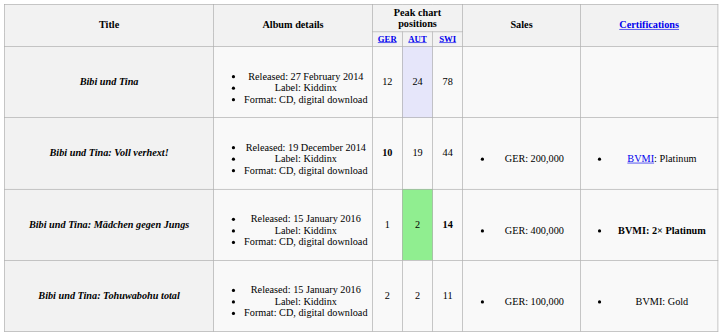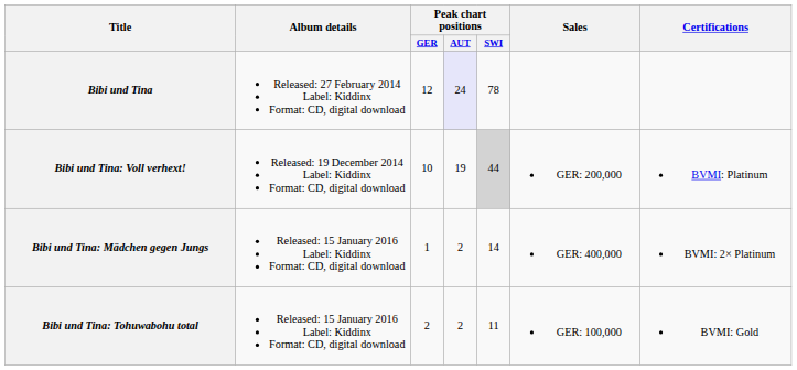 <table class="wikitable plainrowheaders" style="text-align:center;">
 <tr>
 <th scope="col" rowspan="2" style="width: 20em;">Title</th>
 <th scope="col" rowspan="2" style="width: 15em;">Album details</th>
 <th scope="col" colspan="3">Peak chart positions</th>
 <th scope="col" rowspan="2" style="width: 11em;">Sales</th>
 <th scope="col" rowspan="2" style="width: 13em;"><a href='#'>Certifications</a></th>
 </tr>
 <tr>
 <th style="width:3em;font-size:85%"><a href='#'>GER</a><br></th>
 <th style="width:3em;font-size:85%"><a href='#'>AUT</a><br></th>
 <th style="width:3em;font-size:85%"><a href='#'>SWI</a><br></th>
 </tr>
 <tr>
 <th scope="row"><em>Bibi und Tina</em></th>
 <td><br><ul><li>Released: 27 February 2014</li><li>Label: Kiddinx</li><li>Format: CD, digital download</li></ul></td>
 <td>12</td>
 <td style="background: lavender;">24</td>
 <td>78</td>
 <td></td>
 <td></td>
 </tr>
 <tr>
 <th scope="row"><em>Bibi und Tina: Voll verhext!</em></th>
 <td><br><ul><li>Released: 19 December 2014</li><li>Label: Kiddinx</li><li>Format: CD, digital download</li></ul></td>
-<td><strong>10</strong></td>
+<td>10</td>
 <td>19</td>
-<td>44</td>
+<td style="background: lightgrey;">44</td>
 <td><br><ul><li>GER: 200,000</li></ul></td>
 <td><br><ul><li><a href='#'>BVMI</a>: Platinum</li></ul></td>
 </tr>
 <tr>
 <th scope="row"><em>Bibi und Tina: Mädchen gegen Jungs</em></th>
 <td><br><ul><li>Released: 15 January 2016</li><li>Label: Kiddinx</li><li>Format: CD, digital download</li></ul></td>
 <td>1</td>
-<td style="background: lightgreen;">2</td>
-<td><strong>14</strong></td>
+<td>2</td>
+<td>14</td>
 <td><br><ul><li>GER: 400,000</li></ul></td>
-<td><strong><br><ul><li>BVMI: 2× Platinum</li></ul></strong></td>
+<td><br><ul><li>BVMI: 2× Platinum</li></ul></td>
 </tr>
 <tr>
 <th scope="row"><em>Bibi und Tina: Tohuwabohu total</em></th>
 <td><br><ul><li>Released: 15 January 2016</li><li>Label: Kiddinx</li><li>Format: CD, digital download</li></ul></td>
 <td>2</td>
 <td>2</td>
 <td>11</td>
 <td><br><ul><li>GER: 100,000</li></ul></td>
 <td><br><ul><li>BVMI: Gold</li></ul></td>
 </tr>
 </table>
